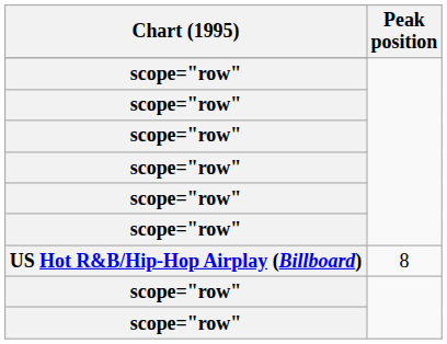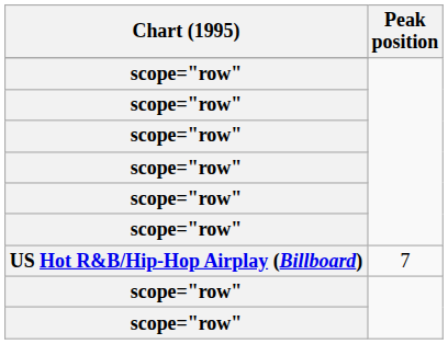 <table class="wikitable sortable plainrowheaders" style="text-align:center;">
 <tr>
 <th scope="col">Chart (1995)</th>
 <th scope="col">Peak<br>position</th>
 </tr>
 <tr>
 </tr>
 <tr>
 <th>scope="row"</th>
 </tr>
 <tr>
 <th>scope="row"</th>
 </tr>
 <tr>
 <th>scope="row"</th>
 </tr>
 <tr>
 <th>scope="row"</th>
 </tr>
 <tr>
 <th>scope="row"</th>
 </tr>
 <tr>
 <th>scope="row"</th>
 </tr>
 <tr>
 <th scope="row">US <a href='#'>Hot R&B/Hip-Hop Airplay</a> (<em><a href='#'>Billboard</a></em>)</th>
-<td align="center">8</td>
+<td align="center">7</td>
 </tr>
 <tr>
 <th>scope="row"</th>
 </tr>
 <tr>
 <th>scope="row"</th>
 </tr>
 </table>
